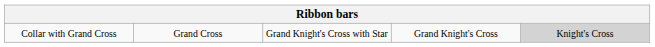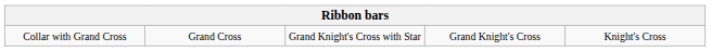 <table class="wikitable" style="float:left; width:70%;">
 <tr>
 <th colspan=5>Ribbon bars</th>
 </tr>
 <tr>
 <td style="vertical-align:top; width:20%; text-align:center;"><small>Collar with Grand Cross</small></td>
 <td style="vertical-align:top; width:20%; text-align:center;"><small>Grand Cross</small></td>
 <td style="vertical-align:top; width:20%; text-align:center;"><small>Grand Knight's Cross with Star</small></td>
 <td style="vertical-align:top; width:20%; text-align:center;"><small>Grand Knight's Cross</small></td>
-<td style="background: lightgrey; vertical-align:top; width:20%; text-align:center;"><small>Knight's Cross</small></td>
+<td style="vertical-align:top; width:20%; text-align:center;"><small>Knight's Cross</small></td>
 </tr>
 </table>
